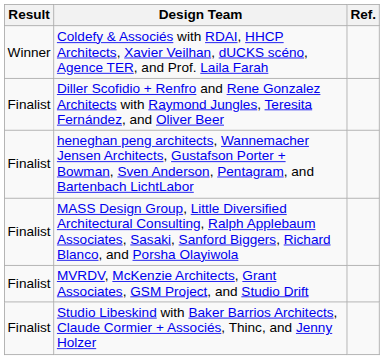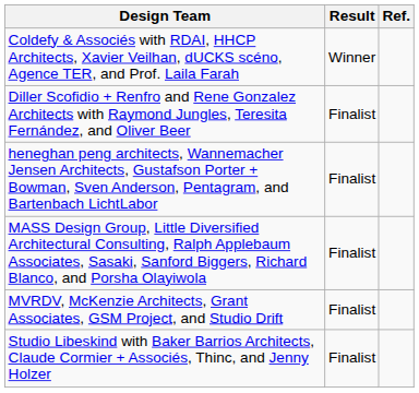 <table class="wikitable sortable" style="width: 50%">
 <tr>
+<th>Design Team</th>
 <th>Result</th>
-<th>Design Team</th>
 <th>Ref.</th>
 </tr>
 <tr>
+<td><a href='#'>Coldefy & Associés</a> with <a href='#'>RDAI</a>, <a href='#'>HHCP Architects</a>, <a href='#'>Xavier Veilhan</a>, <a href='#'>dUCKS scéno</a>, <a href='#'>Agence TER</a>, and Prof. <a href='#'>Laila Farah</a></td>
 <td>Winner</td>
-<td><a href='#'>Coldefy & Associés</a> with <a href='#'>RDAI</a>, <a href='#'>HHCP Architects</a>, <a href='#'>Xavier Veilhan</a>, <a href='#'>dUCKS scéno</a>, <a href='#'>Agence TER</a>, and Prof. <a href='#'>Laila Farah</a></td>
 <td></td>
 </tr>
 <tr>
+<td><a href='#'>Diller Scofidio + Renfro</a> and <a href='#'>Rene Gonzalez Architects</a> with <a href='#'>Raymond Jungles</a>, <a href='#'>Teresita Fernández</a>, and <a href='#'>Oliver Beer</a></td>
 <td>Finalist</td>
-<td><a href='#'>Diller Scofidio + Renfro</a> and <a href='#'>Rene Gonzalez Architects</a> with <a href='#'>Raymond Jungles</a>, <a href='#'>Teresita Fernández</a>, and <a href='#'>Oliver Beer</a></td>
 <td></td>
 </tr>
 <tr>
+<td><a href='#'>heneghan peng architects</a>, <a href='#'>Wannemacher Jensen Architects</a>, <a href='#'>Gustafson Porter + Bowman</a>, <a href='#'>Sven Anderson</a>, <a href='#'>Pentagram</a>, and <a href='#'>Bartenbach LichtLabor</a></td>
 <td>Finalist</td>
-<td><a href='#'>heneghan peng architects</a>, <a href='#'>Wannemacher Jensen Architects</a>, <a href='#'>Gustafson Porter + Bowman</a>, <a href='#'>Sven Anderson</a>, <a href='#'>Pentagram</a>, and <a href='#'>Bartenbach LichtLabor</a></td>
 <td></td>
 </tr>
 <tr>
+<td><a href='#'>MASS Design Group</a>, <a href='#'>Little Diversified Architectural Consulting</a>, <a href='#'>Ralph Applebaum Associates</a>, <a href='#'>Sasaki</a>, <a href='#'>Sanford Biggers</a>, <a href='#'>Richard Blanco</a>, and <a href='#'>Porsha Olayiwola</a></td>
 <td>Finalist</td>
-<td><a href='#'>MASS Design Group</a>, <a href='#'>Little Diversified Architectural Consulting</a>, <a href='#'>Ralph Applebaum Associates</a>, <a href='#'>Sasaki</a>, <a href='#'>Sanford Biggers</a>, <a href='#'>Richard Blanco</a>, and <a href='#'>Porsha Olayiwola</a></td>
 <td></td>
 </tr>
 <tr>
+<td><a href='#'>MVRDV</a>, <a href='#'>McKenzie Architects</a>, <a href='#'>Grant Associates</a>, <a href='#'>GSM Project</a>, and <a href='#'>Studio Drift</a></td>
 <td>Finalist</td>
-<td><a href='#'>MVRDV</a>, <a href='#'>McKenzie Architects</a>, <a href='#'>Grant Associates</a>, <a href='#'>GSM Project</a>, and <a href='#'>Studio Drift</a></td>
 <td></td>
 </tr>
 <tr>
+<td><a href='#'>Studio Libeskind</a> with <a href='#'>Baker Barrios Architects</a>, <a href='#'>Claude Cormier + Associés</a>, Thinc, and <a href='#'>Jenny Holzer</a></td>
 <td>Finalist</td>
-<td><a href='#'>Studio Libeskind</a> with <a href='#'>Baker Barrios Architects</a>, <a href='#'>Claude Cormier + Associés</a>, Thinc, and <a href='#'>Jenny Holzer</a></td>
 <td></td>
 </tr>
 </table>
